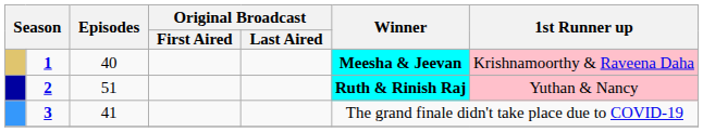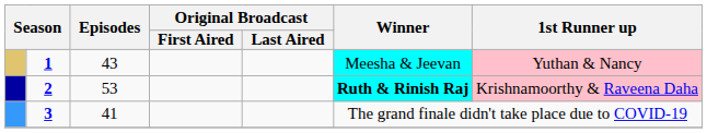 <table class="wikitable" style="text-align:center">
 <tr>
 <th style="padding: 0 8px" colspan="2" rowspan="2">Season</th>
 <th style="padding: 0 8px" rowspan="2">Episodes</th>
 <th colspan="2">Original Broadcast</th>
 <th rowspan="2">Winner</th>
 <th rowspan="2">1st Runner up</th>
 </tr>
 <tr>
 <th style="padding: 0 8px">First Aired</th>
 <th style="padding: 0 8px">Last Aired</th>
 </tr>
 <tr>
 <td style="background:#E0C56E"></td>
 <td align="center"><strong><a href='#'>1</a></strong></td>
-<td>40</td>
+<td>43</td>
 <td align="center"></td>
 <td></td>
-<td style="background:cyan;"><strong>Meesha & Jeevan</strong></td>
-<td style="background:pink;">Krishnamoorthy & <a href='#'>Raveena Daha</a></td>
+<td style="background:cyan;">Meesha & Jeevan</td>
+<td style="background:pink;">Yuthan & Nancy</td>
 </tr>
 <tr>
 <td style="background:#0000A0"></td>
 <td align="center"><strong><a href='#'>2</a></strong></td>
-<td>51</td>
+<td>53</td>
 <td align="center"></td>
 <td></td>
 <td style="background:cyan;"><strong>Ruth & Rinish Raj</strong></td>
-<td style="background:pink;">Yuthan & Nancy</td>
+<td style="background:pink;">Krishnamoorthy & <a href='#'>Raveena Daha</a></td>
 </tr>
 <tr>
 <td style="background:#3598FB"></td>
 <td align="center"><strong><a href='#'>3</a></strong></td>
 <td>41</td>
 <td align="center"></td>
 <td></td>
 <td align="center" colspan="2" style=>The grand finale didn't take place due to <a href='#'>COVID-19</a></td>
 </tr>
 <tr>
 </tr>
 </table>
